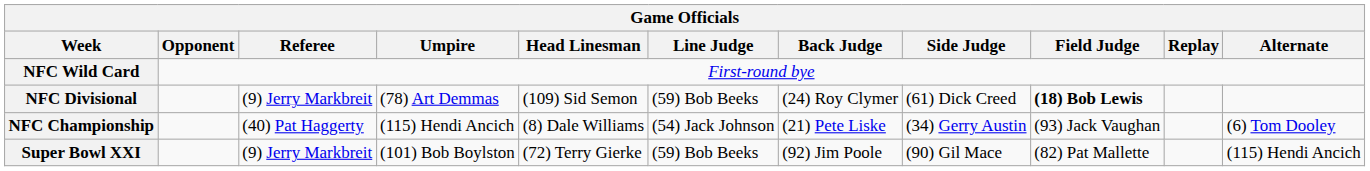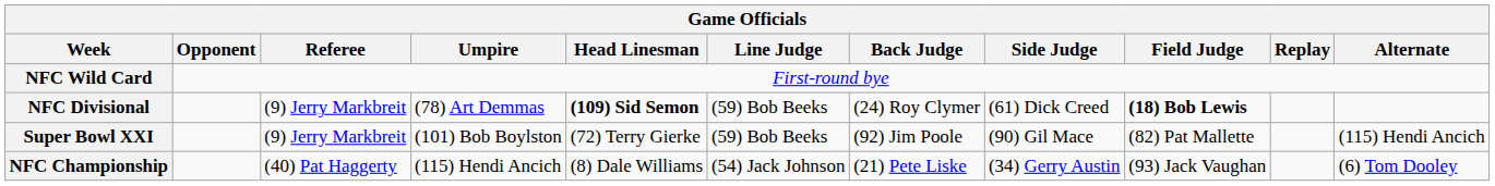 <table class="wikitable">
 <tr>
 <th colspan="11">Game Officials</th>
 </tr>
 <tr>
 <th>Week</th>
 <th>Opponent</th>
 <th>Referee</th>
 <th>Umpire</th>
 <th>Head Linesman</th>
 <th>Line Judge</th>
 <th>Back Judge</th>
 <th>Side Judge</th>
 <th>Field Judge</th>
 <th>Replay</th>
 <th>Alternate</th>
 </tr>
 <tr>
 <th>NFC Wild Card</th>
 <td colspan=10 align=center><em><a href='#'>First-round bye</a></em></td>
 </tr>
 <tr -style="background: #cfc">
 <th>NFC Divisional</th>
 <td></td>
 <td>(9) <a href='#'>Jerry Markbreit</a></td>
 <td>(78) <a href='#'>Art Demmas</a></td>
-<td>(109) Sid Semon</td>
+<td><strong>(109) Sid Semon</strong></td>
 <td>(59) Bob Beeks</td>
 <td>(24) Roy Clymer</td>
 <td>(61) Dick Creed</td>
 <td><strong>(18) Bob Lewis</strong></td>
 <td></td>
 <td></td>
+</tr>
+<tr -style="background: #cfc;">
+<th>Super Bowl XXI</th>
+<td></td>
+<td>(9) <a href='#'>Jerry Markbreit</a></td>
+<td>(101) Bob Boylston</td>
+<td>(72) Terry Gierke</td>
+<td>(59) Bob Beeks</td>
+<td>(92) Jim Poole</td>
+<td>(90) Gil Mace</td>
+<td>(82) Pat Mallette</td>
+<td></td>
+<td>(115) Hendi Ancich</td>
 </tr>
 <tr -style="background: #cfc;">
 <th>NFC Championship</th>
 <td></td>
 <td>(40) <a href='#'>Pat Haggerty</a></td>
 <td>(115) Hendi Ancich</td>
 <td>(8) Dale Williams</td>
 <td>(54) Jack Johnson</td>
 <td>(21) <a href='#'>Pete Liske</a></td>
 <td>(34) <a href='#'>Gerry Austin</a></td>
 <td>(93) Jack Vaughan</td>
 <td></td>
 <td>(6) <a href='#'>Tom Dooley</a></td>
 </tr>
-<tr -style="background: #cfc;">
-<th>Super Bowl XXI</th>
-<td></td>
-<td>(9) <a href='#'>Jerry Markbreit</a></td>
-<td>(101) Bob Boylston</td>
-<td>(72) Terry Gierke</td>
-<td>(59) Bob Beeks</td>
-<td>(92) Jim Poole</td>
-<td>(90) Gil Mace</td>
-<td>(82) Pat Mallette</td>
-<td></td>
-<td>(115) Hendi Ancich</td>
-</tr>
 </table>
